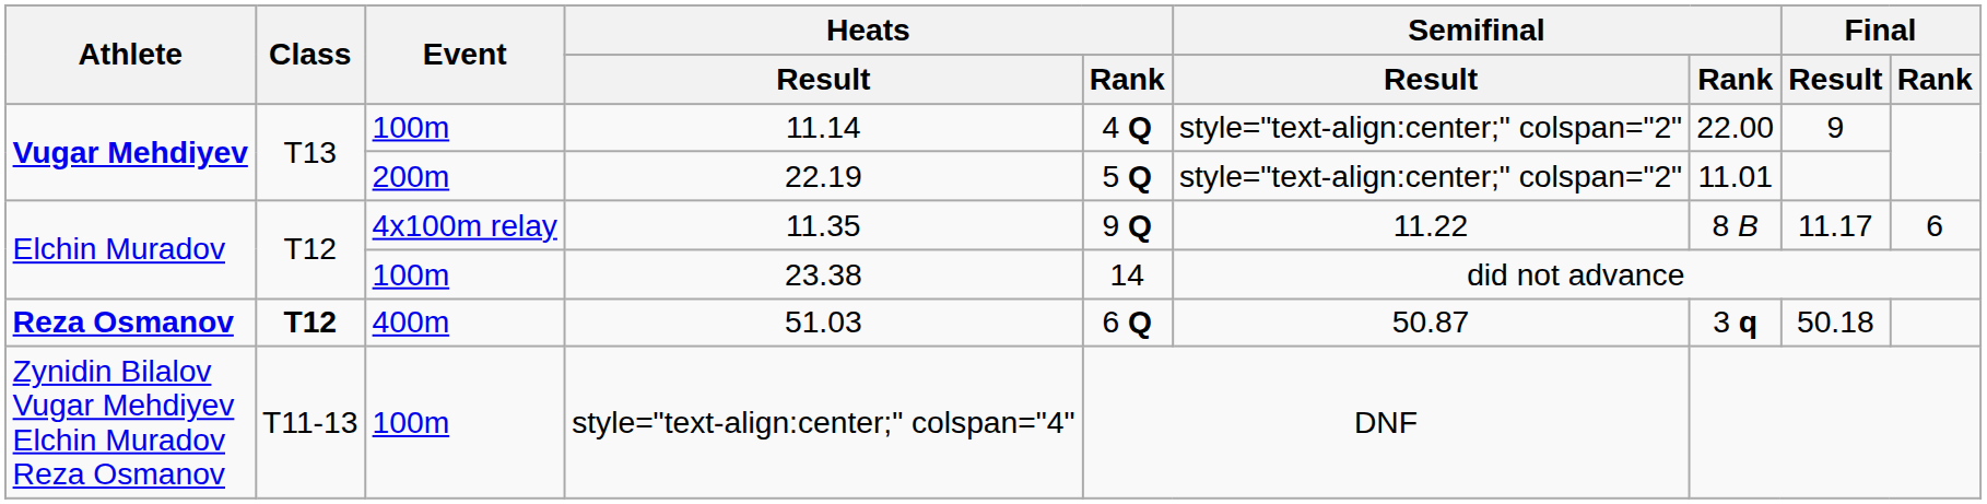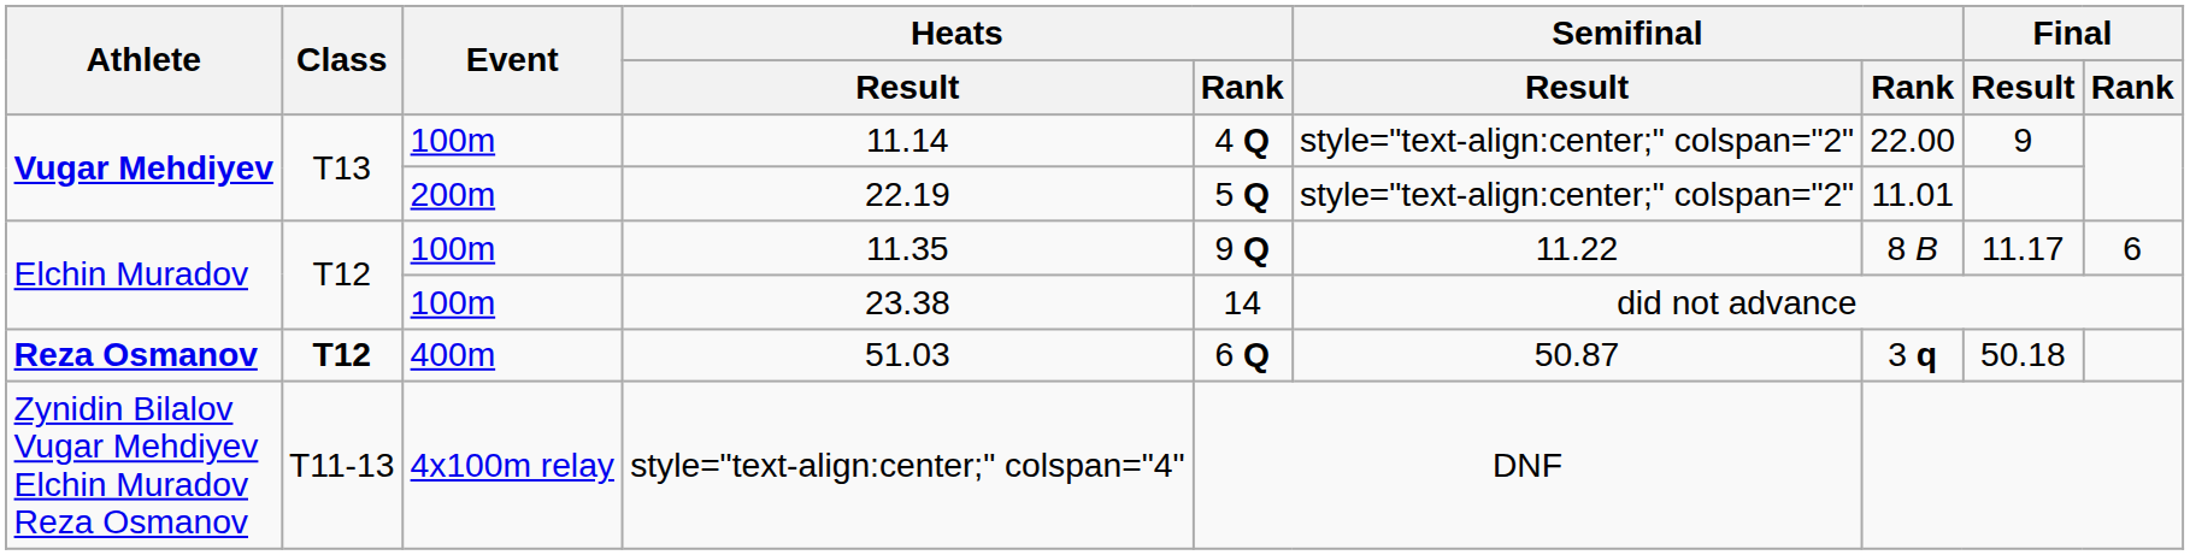 <table class=wikitable style="font-size:90%">
 <tr>
 <th rowspan="2">Athlete</th>
 <th rowspan="2">Class</th>
 <th rowspan="2">Event</th>
 <th colspan="2">Heats</th>
 <th colspan="2">Semifinal</th>
 <th colspan="2">Final</th>
 </tr>
 <tr>
 <th>Result</th>
 <th>Rank</th>
 <th>Result</th>
 <th>Rank</th>
 <th>Result</th>
 <th>Rank</th>
 </tr>
 <tr>
 <td rowspan="2"><strong><a href='#'>Vugar Mehdiyev</a></strong></td>
 <td rowspan="2" style="text-align:center;">T13</td>
 <td><a href='#'>100m</a></td>
 <td style="text-align:center;">11.14</td>
 <td style="text-align:center;">4 <strong>Q</strong></td>
 <td>style="text-align:center;" colspan="2" </td>
 <td style="text-align:center;">22.00</td>
 <td style="text-align:center;">9</td>
 </tr>
 <tr>
 <td><a href='#'>200m</a></td>
 <td style="text-align:center;">22.19</td>
 <td style="text-align:center;">5 <strong>Q</strong></td>
 <td>style="text-align:center;" colspan="2" </td>
 <td style="text-align:center;">11.01</td>
 <td style="text-align:center;"></td>
 </tr>
 <tr>
 <td rowspan="2"><a href='#'>Elchin Muradov</a></td>
 <td rowspan="2" style="text-align:center;">T12</td>
-<td><a href='#'>4x100m relay</a></td>
+<td><a href='#'>100m</a></td>
 <td style="text-align:center;">11.35</td>
 <td style="text-align:center;">9 <strong>Q</strong></td>
 <td style="text-align:center;">11.22</td>
 <td style="text-align:center;">8 <em>B</em></td>
 <td style="text-align:center;">11.17</td>
 <td style="text-align:center;">6</td>
 </tr>
 <tr>
 <td><a href='#'>100m</a></td>
 <td style="text-align:center;">23.38</td>
 <td style="text-align:center;">14</td>
 <td style="text-align:center;" colspan="4">did not advance</td>
 </tr>
 <tr>
 <td><strong><a href='#'>Reza Osmanov</a></strong></td>
 <td style="text-align:center;"><strong>T12</strong></td>
 <td><a href='#'>400m</a></td>
 <td style="text-align:center;">51.03</td>
 <td style="text-align:center;">6 <strong>Q</strong></td>
 <td style="text-align:center;">50.87</td>
 <td style="text-align:center;">3 <strong>q</strong></td>
 <td style="text-align:center;">50.18</td>
 <td style="text-align:center;"></td>
 </tr>
 <tr>
 <td><a href='#'>Zynidin Bilalov</a><br> <a href='#'>Vugar Mehdiyev</a><br> <a href='#'>Elchin Muradov</a><br> <a href='#'>Reza Osmanov</a></td>
 <td style="text-align:center;">T11-13</td>
-<td><a href='#'>100m</a></td>
+<td><a href='#'>4x100m relay</a></td>
 <td>style="text-align:center;" colspan="4" </td>
 <td style="text-align:center;" colspan="2">DNF</td>
 </tr>
 </table>
